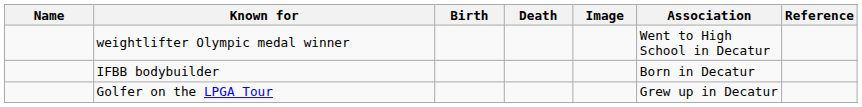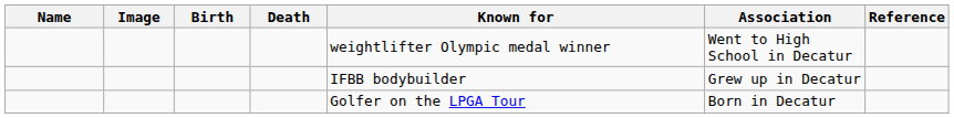 <table class="wikitable sortable">
 <tr>
 <th scope="col" style="width:140px;">Name</th>
-<th scope="col" style="width:600px;" class="unsortable">Known for</th>
+<th scope="col" style="width:80px;" class="unsortable">Image</th>
 <th scope="col" style="width:90px;">Birth</th>
 <th scope="col" style="width:90px;">Death</th>
-<th scope="col" style="width:80px;" class="unsortable">Image</th>
+<th scope="col" style="width:600px;" class="unsortable">Known for</th>
 <th scope="col" style="width:200px;" class="unsortable">Association</th>
 <th scope="col" style="width:30px;" class="unsortable">Reference</th>
 </tr>
 <tr>
 <td></td>
-<td>weightlifter Olympic medal winner</td>
+<td></td>
 <td align=right></td>
 <td align=right></td>
-<td></td>
+<td>weightlifter Olympic medal winner</td>
 <td>Went to High School in Decatur</td>
 <td style="text-align:center;"></td>
 </tr>
 <tr>
 <td></td>
-<td>IFBB bodybuilder</td>
+<td></td>
 <td align=right></td>
 <td align=right></td>
-<td></td>
-<td>Born in Decatur</td>
+<td>IFBB bodybuilder</td>
+<td>Grew up in Decatur</td>
 <td style="text-align:center;"></td>
 </tr>
 <tr>
 <td></td>
-<td>Golfer on the <a href='#'>LPGA Tour</a></td>
+<td></td>
 <td align=right></td>
 <td align=right></td>
-<td></td>
-<td>Grew up in Decatur</td>
+<td>Golfer on the <a href='#'>LPGA Tour</a></td>
+<td>Born in Decatur</td>
 <td style="text-align:center;"></td>
 </tr>
 </table>
